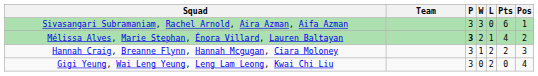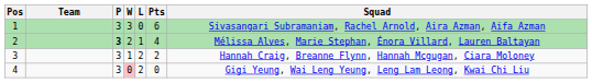 <table class="wikitable" style="font-size: 100%">
 <tr>
-<th width=600>Squad</th>
+<th width=20>Pos</th>
 <th width=120>Team</th>
 <th width=10>P</th>
 <th width=10>W</th>
 <th width=10>L</th>
 <th width=20>Pts</th>
-<th width=20>Pos</th>
+<th width=600>Squad</th>
 </tr>
 <tr align=center style="background:#ACE1AF;">
-<td><a href='#'>Sivasangari Subramaniam</a>, <a href='#'>Rachel Arnold</a>, <a href='#'>Aira Azman</a>, <a href='#'>Aifa Azman</a></td>
+<td>1</td>
 <td align="left"></td>
 <td>3</td>
 <td>3</td>
 <td>0</td>
 <td>6</td>
-<td>1</td>
+<td><a href='#'>Sivasangari Subramaniam</a>, <a href='#'>Rachel Arnold</a>, <a href='#'>Aira Azman</a>, <a href='#'>Aifa Azman</a></td>
 </tr>
 <tr align=center style="background:#ACE1AF;">
-<td><a href='#'>Mélissa Alves</a>, <a href='#'>Marie Stephan</a>, <a href='#'>Énora Villard</a>, <a href='#'>Lauren Baltayan</a></td>
+<td>2</td>
 <td align="left"></td>
 <td><strong>3</strong></td>
 <td>2</td>
 <td>1</td>
 <td>4</td>
-<td>2</td>
+<td><a href='#'>Mélissa Alves</a>, <a href='#'>Marie Stephan</a>, <a href='#'>Énora Villard</a>, <a href='#'>Lauren Baltayan</a></td>
 </tr>
 <tr align=center>
-<td><a href='#'>Hannah Craig</a>, <a href='#'>Breanne Flynn</a>, <a href='#'>Hannah Mcgugan</a>, <a href='#'>Ciara Moloney</a></td>
+<td>3</td>
 <td align="left"></td>
 <td>3</td>
 <td>1</td>
 <td>2</td>
 <td>2</td>
-<td>3</td>
+<td><a href='#'>Hannah Craig</a>, <a href='#'>Breanne Flynn</a>, <a href='#'>Hannah Mcgugan</a>, <a href='#'>Ciara Moloney</a></td>
 </tr>
 <tr align=center>
-<td><a href='#'>Gigi Yeung</a>, <a href='#'>Wai Leng Yeung</a>, <a href='#'>Leng Lam Leong</a>, <a href='#'>Kwai Chi Liu</a></td>
+<td>4</td>
 <td align="left"></td>
 <td>3</td>
-<td>0</td>
+<td style="background: pink;">0</td>
 <td>2</td>
 <td>0</td>
-<td>4</td>
+<td><a href='#'>Gigi Yeung</a>, <a href='#'>Wai Leng Yeung</a>, <a href='#'>Leng Lam Leong</a>, <a href='#'>Kwai Chi Liu</a></td>
 </tr>
 </table>
